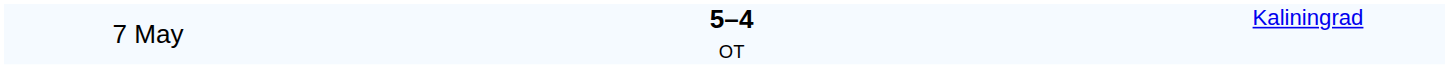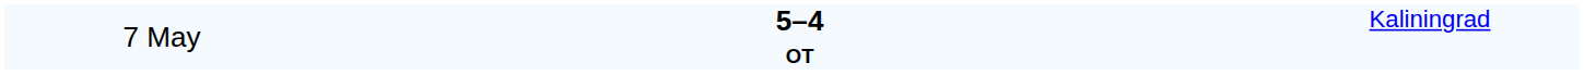 <table style="width: 100%; background:#F5FAFF;" cellspacing="0">
 <tr>
 <td align=center rowspan=3 width=20%>7 May</td>
 </tr>
 <tr>
 <td width=24% align=right></td>
 <td align=center width=13%><strong>5–4</strong></td>
 <td width=24%></td>
 <td style=font-size:85% rowspan=3 valign=top align=center><a href='#'>Kaliningrad</a></td>
 </tr>
 <tr style=font-size:85%>
 <td align=right valign=top></td>
-<td align=center><small>OT</small></td>
+<td align=center><strong><small>OT</small></strong></td>
 <td></td>
 </tr>
 </table>
